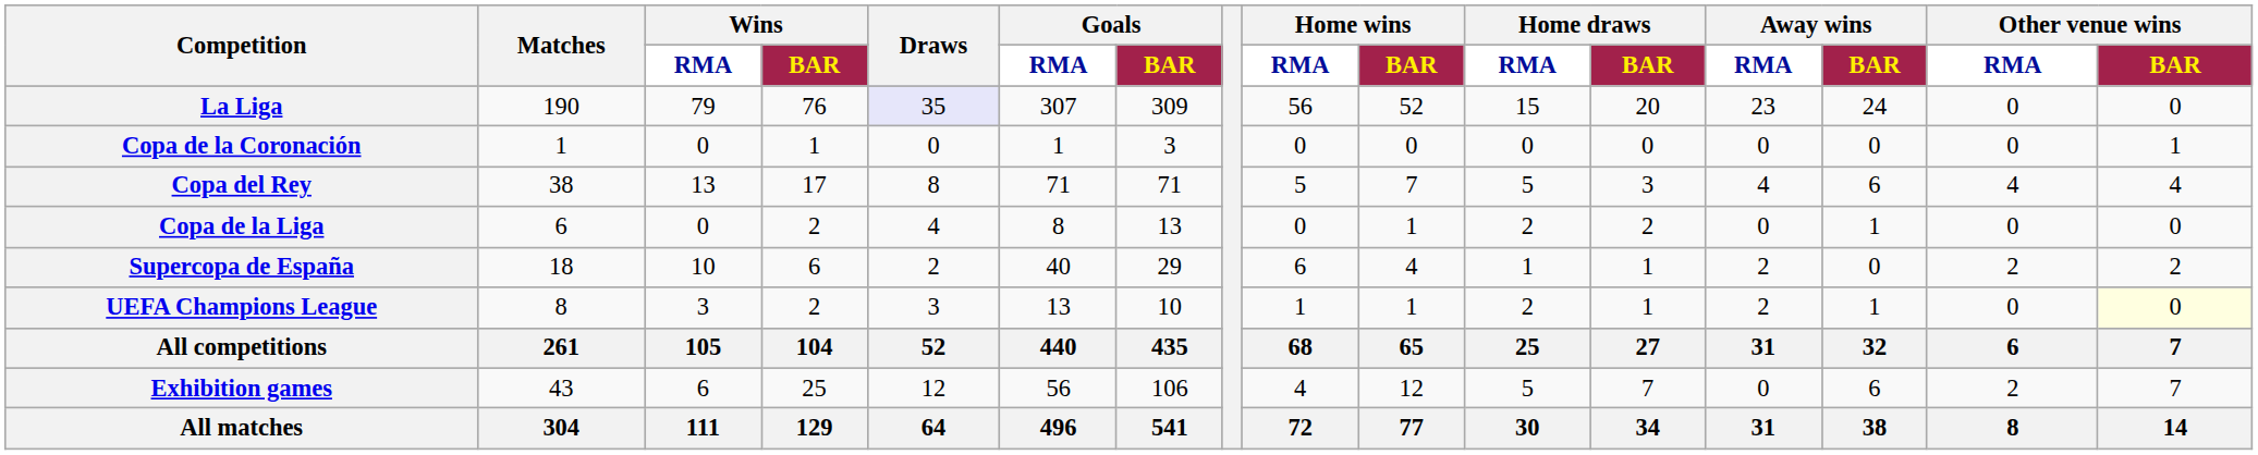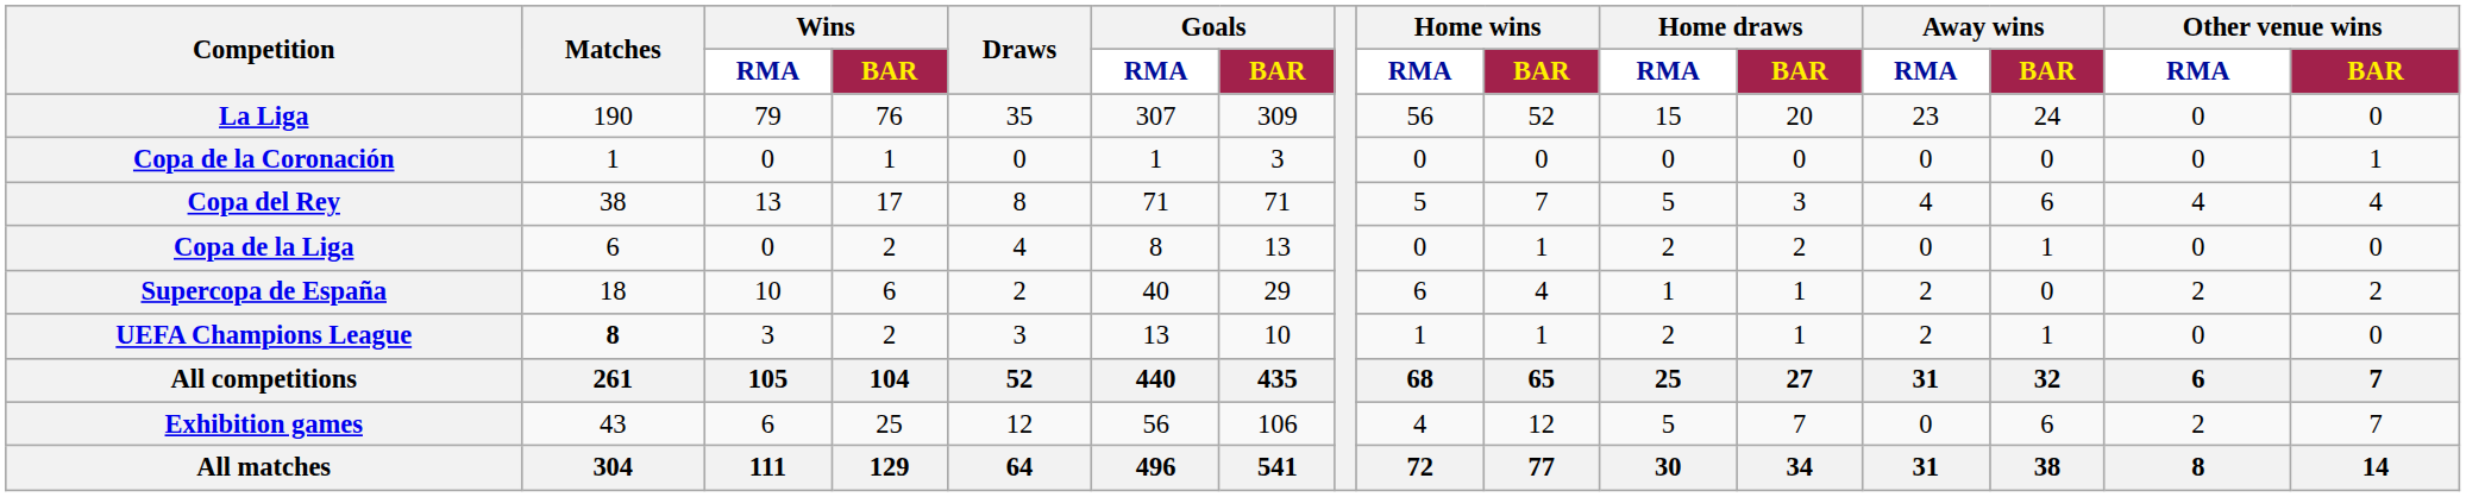 <table class="wikitable" style="font-size:85%; width: 99%; text-align: center;">
 <tr>
 <th rowspan="2">Competition</th>
 <th rowspan="2">Matches</th>
 <th colspan="2">Wins</th>
 <th rowspan="2">Draws</th>
 <th colspan="2">Goals</th>
 <th rowspan="11"></th>
 <th colspan="2">Home wins</th>
 <th colspan="2">Home draws</th>
 <th colspan="2">Away wins</th>
 <th colspan="2">Other venue wins</th>
 </tr>
 <tr>
 <th style="color:#000c99; background:#fff;">RMA</th>
 <th style="color:#fff000; background:#A2214B;">BAR</th>
 <th style="color:#000c99; background:#fff;">RMA</th>
 <th style="color:#fff000; background:#A2214B;">BAR</th>
 <th style="color:#000c99; background:#fff;">RMA</th>
 <th style="color:#fff000; background:#A2214B;">BAR</th>
 <th style="color:#000c99; background:#fff;">RMA</th>
 <th style="color:#fff000; background:#A2214B;">BAR</th>
 <th style="color:#000c99; background:#fff;">RMA</th>
 <th style="color:#fff000; background:#A2214B;">BAR</th>
 <th style="color:#000c99; background:#fff;">RMA</th>
 <th style="color:#fff000; background:#A2214B;">BAR</th>
 </tr>
 <tr>
 <th scope="row"><a href='#'>La Liga</a></th>
 <td>190</td>
 <td>79</td>
 <td>76</td>
-<td style="background: lavender;">35</td>
+<td>35</td>
 <td>307</td>
 <td>309</td>
 <td>56</td>
 <td>52</td>
 <td>15</td>
 <td>20</td>
 <td>23</td>
 <td>24</td>
 <td>0</td>
 <td>0</td>
 </tr>
 <tr>
 <th scope="row"><a href='#'>Copa de la Coronación</a></th>
 <td>1</td>
 <td>0</td>
 <td>1</td>
 <td>0</td>
 <td>1</td>
 <td>3</td>
 <td>0</td>
 <td>0</td>
 <td>0</td>
 <td>0</td>
 <td>0</td>
 <td>0</td>
 <td>0</td>
 <td>1</td>
 </tr>
 <tr>
 <th><a href='#'>Copa del Rey</a></th>
 <td>38</td>
 <td>13</td>
 <td>17</td>
 <td>8</td>
 <td>71</td>
 <td>71</td>
 <td>5</td>
 <td>7</td>
 <td>5</td>
 <td>3</td>
 <td>4</td>
 <td>6</td>
 <td>4</td>
 <td>4</td>
 </tr>
 <tr>
 <th scope="row"><a href='#'>Copa de la Liga</a></th>
 <td>6</td>
 <td>0</td>
 <td>2</td>
 <td>4</td>
 <td>8</td>
 <td>13</td>
 <td>0</td>
 <td>1</td>
 <td>2</td>
 <td>2</td>
 <td>0</td>
 <td>1</td>
 <td>0</td>
 <td>0</td>
 </tr>
 <tr>
 <th scope="row"><a href='#'>Supercopa de España</a></th>
 <td>18</td>
 <td>10</td>
 <td>6</td>
 <td>2</td>
 <td>40</td>
 <td>29</td>
 <td>6</td>
 <td>4</td>
 <td>1</td>
 <td>1</td>
 <td>2</td>
 <td>0</td>
 <td>2</td>
 <td>2</td>
 </tr>
 <tr>
 <th scope="row"><a href='#'>UEFA Champions League</a></th>
-<td>8</td>
+<td><strong>8</strong></td>
 <td>3</td>
 <td>2</td>
 <td>3</td>
 <td>13</td>
 <td>10</td>
 <td>1</td>
 <td>1</td>
 <td>2</td>
 <td>1</td>
 <td>2</td>
 <td>1</td>
 <td>0</td>
-<td style="background: lightyellow;">0</td>
+<td>0</td>
 </tr>
 <tr>
 <th scope="row">All competitions</th>
 <th>261</th>
 <th>105</th>
 <th>104</th>
 <th>52</th>
 <th>440</th>
 <th>435</th>
 <th>68</th>
 <th>65</th>
 <th>25</th>
 <th>27</th>
 <th>31</th>
 <th>32</th>
 <th>6</th>
 <th>7</th>
 </tr>
 <tr>
 <th scope="row"><a href='#'>Exhibition games</a></th>
 <td>43</td>
 <td>6</td>
 <td>25</td>
 <td>12</td>
 <td>56</td>
 <td>106</td>
 <td>4</td>
 <td>12</td>
 <td>5</td>
 <td>7</td>
 <td>0</td>
 <td>6</td>
 <td>2</td>
 <td>7</td>
 </tr>
 <tr>
 <th scope="row">All matches</th>
 <th scope="row">304</th>
 <th>111</th>
 <th>129</th>
 <th>64</th>
 <th>496</th>
 <th>541</th>
 <th>72</th>
 <th>77</th>
 <th>30</th>
 <th>34</th>
 <th>31</th>
 <th>38</th>
 <th>8</th>
 <th>14</th>
 </tr>
 </table>
